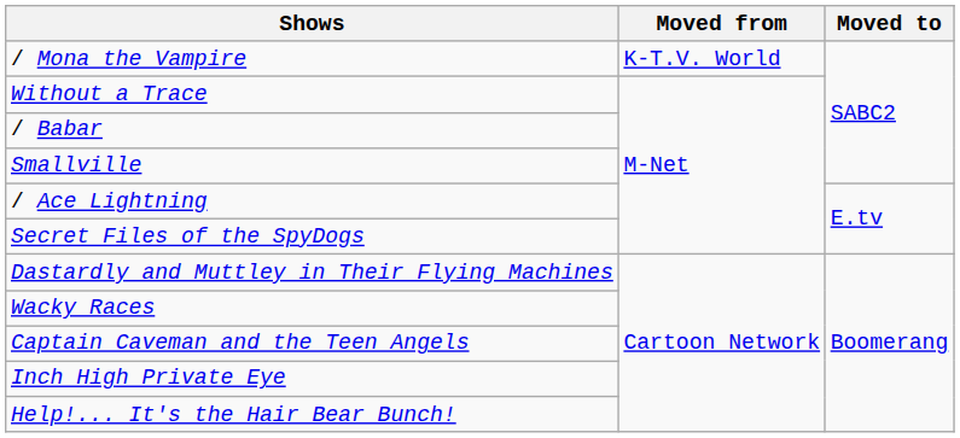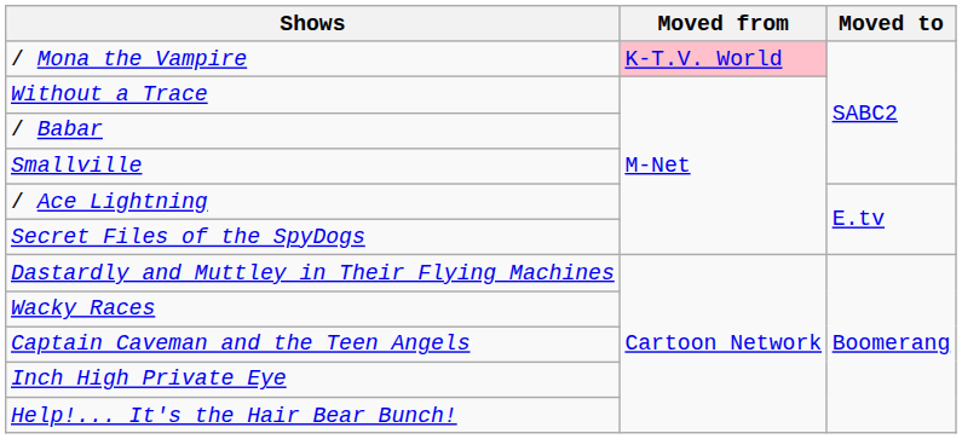 <table class="wikitable">
 <tr>
 <th>Shows</th>
 <th>Moved from</th>
 <th>Moved to</th>
 </tr>
 <tr>
 <td>/ <em><a href='#'>Mona the Vampire</a></em></td>
-<td><a href='#'>K-T.V. World</a></td>
+<td style="background: pink;"><a href='#'>K-T.V. World</a></td>
 <td rowspan="4"><a href='#'>SABC2</a></td>
 </tr>
 <tr>
 <td> <em><a href='#'>Without a Trace</a></em></td>
 <td rowspan="5"><a href='#'>M-Net</a></td>
 </tr>
 <tr>
 <td>/ <em><a href='#'>Babar</a></em></td>
 </tr>
 <tr>
 <td> <em><a href='#'>Smallville</a></em></td>
 </tr>
 <tr>
 <td>/ <em><a href='#'>Ace Lightning</a></em></td>
 <td rowspan="2"><a href='#'>E.tv</a></td>
 </tr>
 <tr>
 <td> <em><a href='#'>Secret Files of the SpyDogs</a></em></td>
 </tr>
 <tr>
 <td> <em><a href='#'>Dastardly and Muttley in Their Flying Machines</a></em></td>
 <td rowspan="5"><a href='#'>Cartoon Network</a></td>
 <td rowspan="5"><a href='#'>Boomerang</a></td>
 </tr>
 <tr>
 <td> <em><a href='#'>Wacky Races</a></em></td>
 </tr>
 <tr>
 <td> <em><a href='#'>Captain Caveman and the Teen Angels</a></em></td>
 </tr>
 <tr>
 <td> <em><a href='#'>Inch High Private Eye</a></em></td>
 </tr>
 <tr>
 <td> <em><a href='#'>Help!... It's the Hair Bear Bunch!</a></em></td>
 </tr>
 </table>
